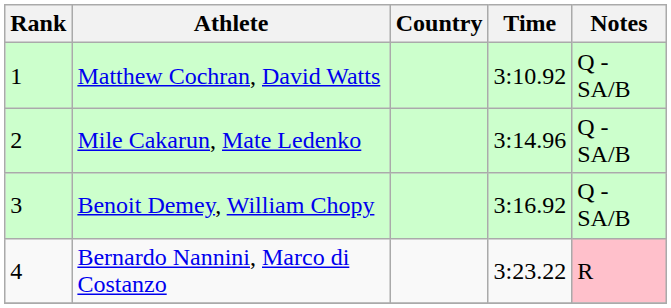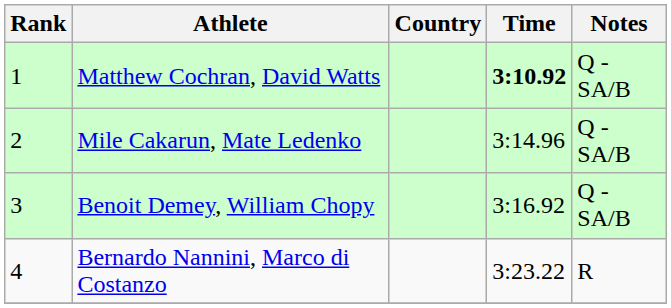 <table class="wikitable" width=50%>
 <tr>
 <th>Rank</th>
 <th>Athlete</th>
 <th>Country</th>
 <th>Time</th>
 <th>Notes</th>
 </tr>
 <tr bgcolor=ccffcc>
 <td>1</td>
 <td><a href='#'>Matthew Cochran</a>, <a href='#'>David Watts</a></td>
 <td></td>
-<td>3:10.92</td>
+<td><strong>3:10.92</strong></td>
 <td>Q - SA/B</td>
 </tr>
 <tr bgcolor=ccffcc>
 <td>2</td>
 <td><a href='#'>Mile Cakarun</a>, <a href='#'>Mate Ledenko</a></td>
 <td></td>
 <td>3:14.96</td>
 <td>Q - SA/B</td>
 </tr>
 <tr bgcolor=ccffcc>
 <td>3</td>
 <td><a href='#'>Benoit Demey</a>, <a href='#'>William Chopy</a></td>
 <td></td>
 <td>3:16.92</td>
 <td>Q - SA/B</td>
 </tr>
 <tr>
 <td>4</td>
 <td><a href='#'>Bernardo Nannini</a>, <a href='#'>Marco di Costanzo</a></td>
 <td></td>
 <td>3:23.22</td>
-<td style="background: pink;">R</td>
+<td>R</td>
 </tr>
 <tr>
 </tr>
 </table>
